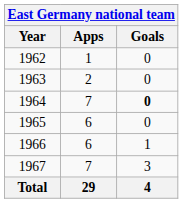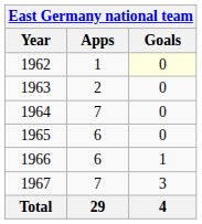 <table class="wikitable" style="text-align:center">
 <tr>
 <th colspan=3><a href='#'>East Germany national team</a></th>
 </tr>
 <tr>
 <th>Year</th>
 <th>Apps</th>
 <th>Goals</th>
 </tr>
 <tr>
 <td>1962</td>
 <td>1</td>
-<td>0</td>
+<td style="background: lightyellow;">0</td>
 </tr>
 <tr>
 <td>1963</td>
 <td>2</td>
 <td>0</td>
 </tr>
 <tr>
 <td>1964</td>
 <td>7</td>
-<td><strong>0</strong></td>
+<td>0</td>
 </tr>
 <tr>
 <td>1965</td>
 <td>6</td>
 <td>0</td>
 </tr>
 <tr>
 <td>1966</td>
 <td>6</td>
 <td>1</td>
 </tr>
 <tr>
 <td>1967</td>
 <td>7</td>
 <td>3</td>
 </tr>
 <tr>
 <th>Total</th>
 <th>29</th>
 <th>4</th>
 </tr>
 </table>
